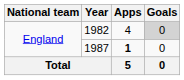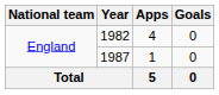 <table class="wikitable" style="text-align: center;">
 <tr>
 <th>National team</th>
 <th>Year</th>
 <th>Apps</th>
 <th>Goals</th>
 </tr>
 <tr>
 <td rowspan="2"><a href='#'>England</a></td>
 <td>1982</td>
 <td>4</td>
-<td style="background: lightgrey;">0</td>
+<td>0</td>
 </tr>
 <tr>
 <td>1987</td>
-<td><strong>1</strong></td>
+<td>1</td>
 <td>0</td>
 </tr>
 <tr>
 <th colspan="2">Total</th>
 <th>5</th>
 <th>0</th>
 </tr>
 </table>
